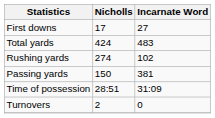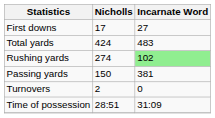 <table class="wikitable">
 <tr>
 <th>Statistics</th>
 <th>Nicholls</th>
 <th>Incarnate Word</th>
 </tr>
 <tr>
 <td>First downs</td>
 <td>17</td>
 <td>27</td>
 </tr>
 <tr>
 <td>Total yards</td>
 <td>424</td>
 <td>483</td>
 </tr>
 <tr>
 <td>Rushing yards</td>
 <td>274</td>
-<td>102</td>
+<td style="background: lightgreen;">102</td>
 </tr>
 <tr>
 <td>Passing yards</td>
 <td>150</td>
 <td>381</td>
 </tr>
 <tr>
+<td>Turnovers</td>
+<td>2</td>
+<td>0</td>
+</tr>
+<tr>
 <td>Time of possession</td>
 <td>28:51</td>
 <td>31:09</td>
 </tr>
 <tr>
-<td>Turnovers</td>
-<td>2</td>
-<td>0</td>
-</tr>
-<tr>
 </tr>
 </table>
